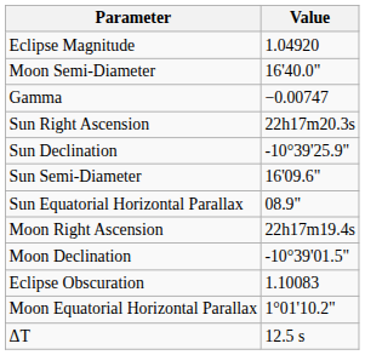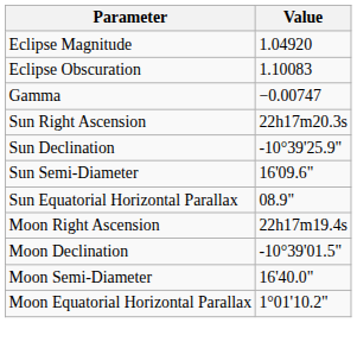 <table class="wikitable">
 <tr>
 <th>Parameter</th>
 <th>Value</th>
 </tr>
 <tr>
 <td>Eclipse Magnitude</td>
 <td>1.04920</td>
 </tr>
 <tr>
-<td>Moon Semi-Diameter</td>
-<td>16'40.0"</td>
+<td>Eclipse Obscuration</td>
+<td>1.10083</td>
 </tr>
 <tr>
 <td>Gamma</td>
 <td>−0.00747</td>
 </tr>
 <tr>
 <td>Sun Right Ascension</td>
 <td>22h17m20.3s</td>
 </tr>
 <tr>
 <td>Sun Declination</td>
 <td>-10°39'25.9"</td>
 </tr>
 <tr>
 <td>Sun Semi-Diameter</td>
 <td>16'09.6"</td>
 </tr>
 <tr>
 <td>Sun Equatorial Horizontal Parallax</td>
 <td>08.9"</td>
 </tr>
 <tr>
 <td>Moon Right Ascension</td>
 <td>22h17m19.4s</td>
 </tr>
 <tr>
 <td>Moon Declination</td>
 <td>-10°39'01.5"</td>
 </tr>
 <tr>
-<td>Eclipse Obscuration</td>
-<td>1.10083</td>
+<td>Moon Semi-Diameter</td>
+<td>16'40.0"</td>
 </tr>
 <tr>
 <td>Moon Equatorial Horizontal Parallax</td>
 <td>1°01'10.2"</td>
 </tr>
-<tr>
-<td>ΔT</td>
-<td>12.5 s</td>
-</tr>
 </table>
